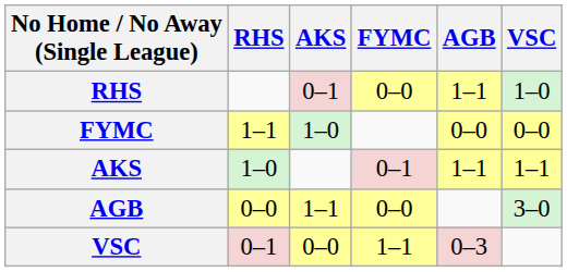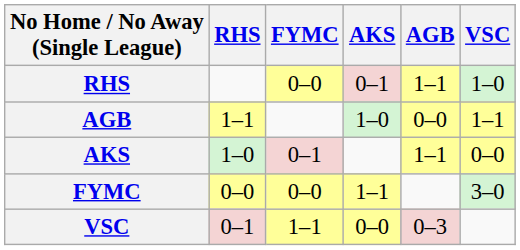 <table class="wikitable" style="text-align:center">
 <tr>
 <th>No Home / No Away <br> (Single League)</th>
 <th><a href='#'>RHS</a></th>
+<th><a href='#'>FYMC</a></th>
 <th><a href='#'>AKS</a></th>
-<th><a href='#'>FYMC</a></th>
 <th><a href='#'>AGB</a></th>
 <th><a href='#'>VSC</a></th>
 </tr>
 <tr>
 <th><a href='#'>RHS</a></th>
 <td></td>
+<td style="background-color:#ffff99">0–0</td>
 <td style="background-color:#f4d4d4">0–1</td>
-<td style="background-color:#ffff99">0–0</td>
 <td style="background-color:#ffff99">1–1</td>
 <td style="background-color:#d4f4d4">1–0</td>
 </tr>
 <tr>
-<th><a href='#'>FYMC</a></th>
+<th><a href='#'>AGB</a></th>
 <td style="background-color:#ffff99">1–1</td>
+<td></td>
 <td style="background-color:#d4f4d4">1–0</td>
-<td></td>
 <td style="background-color:#ffff99">0–0</td>
-<td style="background-color:#ffff99">0–0</td>
+<td style="background-color:#ffff99">1–1</td>
 </tr>
 <tr>
 <th><a href='#'>AKS</a></th>
 <td style="background-color:#d4f4d4">1–0</td>
+<td style="background-color:#f4d4d4">0–1</td>
 <td></td>
-<td style="background-color:#f4d4d4">0–1</td>
 <td style="background-color:#ffff99">1–1</td>
-<td style="background-color:#ffff99">1–1</td>
+<td style="background-color:#ffff99">0–0</td>
 </tr>
 <tr>
-<th><a href='#'>AGB</a></th>
+<th><a href='#'>FYMC</a></th>
+<td style="background-color:#ffff99">0–0</td>
 <td style="background-color:#ffff99">0–0</td>
 <td style="background-color:#ffff99">1–1</td>
-<td style="background-color:#ffff99">0–0</td>
 <td></td>
 <td style="background-color:#d4f4d4">3–0</td>
 </tr>
 <tr>
 <th><a href='#'>VSC</a></th>
 <td style="background-color:#f4d4d4">0–1</td>
+<td style="background-color:#ffff99">1–1</td>
 <td style="background-color:#ffff99">0–0</td>
-<td style="background-color:#ffff99">1–1</td>
 <td style="background-color:#f4d4d4">0–3</td>
 <td></td>
 </tr>
 </table>
